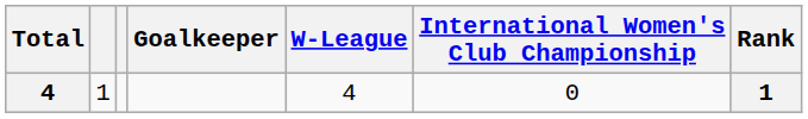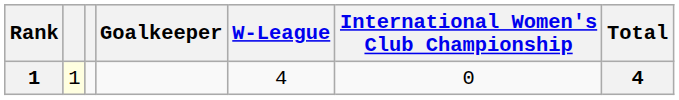 <table class="wikitable" style="text-align:center">
 <tr>
-<th>Total</th>
+<th>Rank</th>
 <th></th>
 <th></th>
 <th>Goalkeeper</th>
 <th><a href='#'>W-League</a></th>
 <th><a href='#'>International Women's<br>Club Championship</a></th>
-<th>Rank</th>
+<th>Total</th>
 </tr>
 <tr>
-<th>4</th>
-<td>1</td>
+<th>1</th>
+<td style="background: lightyellow;">1</td>
 <td></td>
 <td align="left"></td>
 <td>4</td>
 <td>0</td>
-<th>1</th>
+<th>4</th>
 </tr>
 </table>
